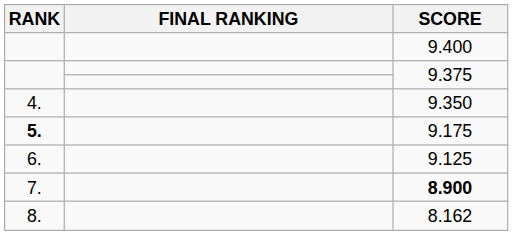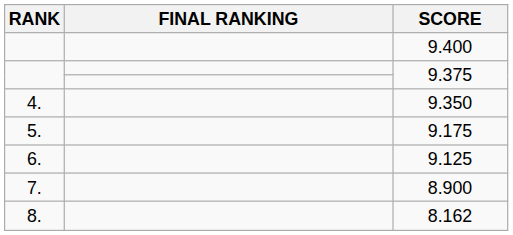 <table class="wikitable" style="font-size:95%;">
 <tr>
 <th>RANK</th>
 <th align="left" style="width: 18em">FINAL RANKING</th>
 <th align="center" style="width: 6em">SCORE</th>
 </tr>
 <tr>
 <td align="center"></td>
 <td></td>
 <td align="center">9.400</td>
 </tr>
 <tr>
 <td rowspan=2 align="center"></td>
 <td></td>
 <td rowspan=2 align="center">9.375</td>
 </tr>
 <tr>
 <td></td>
 </tr>
 <tr>
 <td align="center">4.</td>
 <td></td>
 <td align="center">9.350</td>
 </tr>
 <tr>
-<td align="center"><strong>5.</strong></td>
+<td align="center">5.</td>
 <td></td>
 <td align="center">9.175</td>
 </tr>
 <tr>
 <td align="center">6.</td>
 <td></td>
 <td align="center">9.125</td>
 </tr>
 <tr>
 <td align="center">7.</td>
 <td></td>
-<td align="center"><strong>8.900</strong></td>
+<td align="center">8.900</td>
 </tr>
 <tr>
 <td align="center">8.</td>
 <td></td>
 <td align="center">8.162</td>
 </tr>
 </table>
